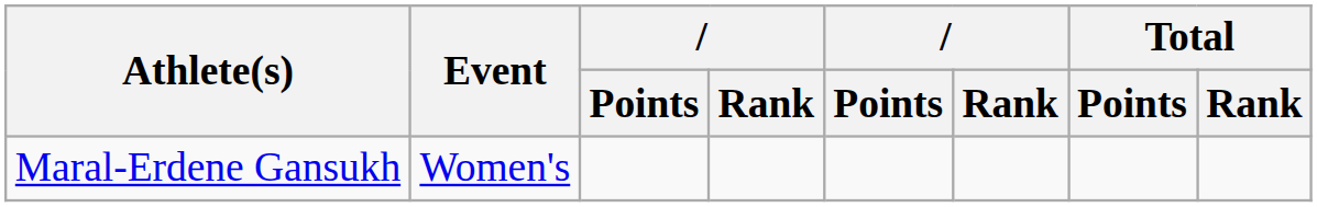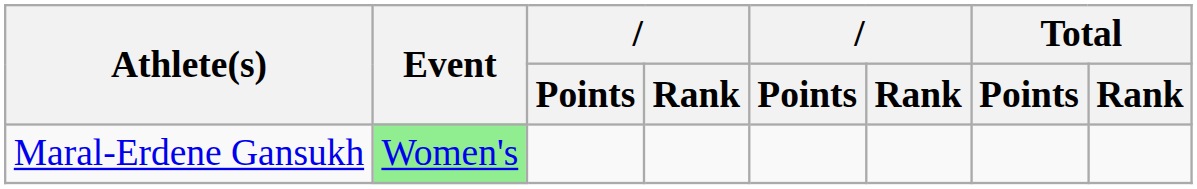 <table class="wikitable">
 <tr>
 <th rowspan="2">Athlete(s)</th>
 <th rowspan="2">Event</th>
 <th colspan="2">/</th>
 <th colspan="2">/</th>
 <th colspan="2">Total</th>
 </tr>
 <tr>
 <th>Points</th>
 <th>Rank</th>
 <th>Points</th>
 <th>Rank</th>
 <th>Points</th>
 <th>Rank</th>
 </tr>
 <tr>
 <td><a href='#'>Maral-Erdene Gansukh</a></td>
-<td><a href='#'>Women's</a></td>
+<td style="background: lightgreen;"><a href='#'>Women's</a></td>
 <td></td>
 <td></td>
 <td></td>
 <td></td>
 <td></td>
 <td></td>
 </tr>
 </table>
